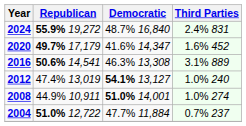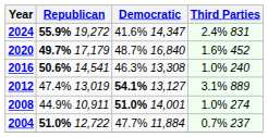 <table class="wikitable" style="float:right; font-size:95%;">
 <tr>
 <th>Year</th>
 <th><a href='#'>Republican</a></th>
 <th><a href='#'>Democratic</a></th>
 <th><a href='#'>Third Parties</a></th>
 </tr>
 <tr>
 <td style="text-align:center;" ><strong><a href='#'>2024</a></strong></td>
 <td style="text-align:center;" ><strong>55.9%</strong> <em>19,272</em></td>
-<td style="text-align:center;" >48.7%   <em>16,840</em></td>
+<td style="text-align:center;" >41.6%   <em>14,347</em></td>
 <td style="text-align:center; background:honeyDew;">2.4% <em>831</em></td>
 </tr>
 <tr>
 <td style="text-align:center;" ><strong><a href='#'>2020</a></strong></td>
 <td style="text-align:center;" ><strong>49.7%</strong> <em>17,179</em></td>
-<td style="text-align:center;" >41.6%   <em>14,347</em></td>
+<td style="text-align:center;" >48.7%   <em>16,840</em></td>
 <td style="text-align:center; background:honeyDew;">1.6% <em>452</em></td>
 </tr>
 <tr>
 <td style="text-align:center;" ><strong><a href='#'>2016</a></strong></td>
 <td style="text-align:center;" ><strong>50.6%</strong> <em>14,541</em></td>
 <td style="text-align:center;" >46.3% <em>13,308</em></td>
-<td style="text-align:center; background:honeyDew;">3.1% <em>889</em></td>
+<td style="text-align:center; background:honeyDew;">1.0% <em>240</em></td>
 </tr>
 <tr>
 <td style="text-align:center;" ><strong><a href='#'>2012</a></strong></td>
 <td style="text-align:center;" >47.4% <em>13,019</em></td>
 <td style="text-align:center;" ><strong>54.1%</strong>  <em>13,127</em></td>
-<td style="text-align:center; background:honeyDew;">1.0% <em>240</em></td>
+<td style="text-align:center; background:honeyDew;">3.1% <em>889</em></td>
 </tr>
 <tr>
 <td style="text-align:center;" ><strong><a href='#'>2008</a></strong></td>
 <td style="text-align:center;" >44.9% <em>10,911</em></td>
 <td style="text-align:center;" ><strong>51.0%</strong>  <em>14,001</em></td>
 <td style="text-align:center; background:honeyDew;">1.0% <em>274</em></td>
 </tr>
 <tr>
 <td style="text-align:center;" ><strong><a href='#'>2004</a></strong></td>
 <td style="text-align:center;" ><strong>51.0%</strong> <em>12,722</em></td>
 <td style="text-align:center;" >47.7%   <em>11,884</em></td>
 <td style="text-align:center; background:honeyDew;">0.7% <em>237</em></td>
 </tr>
 <tr>
 </tr>
 </table>
